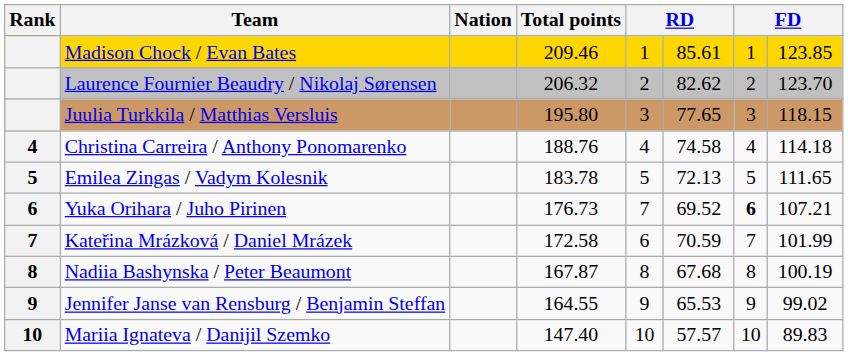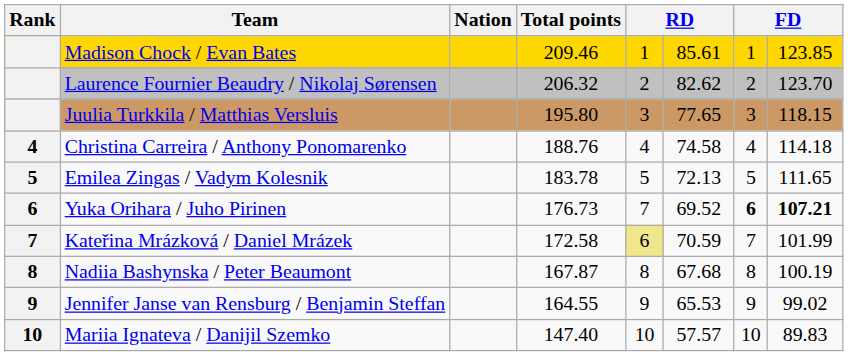 <table class="wikitable sortable" style="text-align:left">
 <tr>
 <th scope="col">Rank</th>
 <th scope="col">Team</th>
 <th scope="col">Nation</th>
 <th scope="col">Total points</th>
 <th scope="col" colspan="2" width="80px"><a href='#'>RD</a></th>
 <th scope="col" colspan="2" width="80px"><a href='#'>FD</a></th>
 </tr>
 <tr bgcolor="gold">
 <th scope="row"></th>
 <td><a href='#'>Madison Chock</a> / <a href='#'>Evan Bates</a></td>
 <td></td>
 <td align="center">209.46</td>
 <td align="center">1</td>
 <td align="center">85.61</td>
 <td align="center">1</td>
 <td align="center">123.85</td>
 </tr>
 <tr bgcolor="silver">
 <th scope="row"></th>
 <td><a href='#'>Laurence Fournier Beaudry</a> / <a href='#'>Nikolaj Sørensen</a></td>
 <td></td>
 <td align="center">206.32</td>
 <td align="center">2</td>
 <td align="center">82.62</td>
 <td align="center">2</td>
 <td align="center">123.70</td>
 </tr>
 <tr bgcolor="cc9966">
 <th scope="row"></th>
 <td><a href='#'>Juulia Turkkila</a> / <a href='#'>Matthias Versluis</a></td>
 <td></td>
 <td align="center">195.80</td>
 <td align="center">3</td>
 <td align="center">77.65</td>
 <td align="center">3</td>
 <td align="center">118.15</td>
 </tr>
 <tr>
 <th scope="row">4</th>
 <td><a href='#'>Christina Carreira</a> / <a href='#'>Anthony Ponomarenko</a></td>
 <td></td>
 <td align="center">188.76</td>
 <td align="center">4</td>
 <td align="center">74.58</td>
 <td align="center">4</td>
 <td align="center">114.18</td>
 </tr>
 <tr>
 <th scope="row">5</th>
 <td><a href='#'>Emilea Zingas</a> / <a href='#'>Vadym Kolesnik</a></td>
 <td></td>
 <td align="center">183.78</td>
 <td align="center">5</td>
 <td align="center">72.13</td>
 <td align="center">5</td>
 <td align="center">111.65</td>
 </tr>
 <tr>
 <th scope="row">6</th>
 <td><a href='#'>Yuka Orihara</a> / <a href='#'>Juho Pirinen</a></td>
 <td></td>
 <td align="center">176.73</td>
 <td align="center">7</td>
 <td align="center">69.52</td>
 <td align="center"><strong>6</strong></td>
-<td align="center">107.21</td>
+<td align="center"><strong>107.21</strong></td>
 </tr>
 <tr>
 <th scope="row">7</th>
 <td><a href='#'>Kateřina Mrázková</a> / <a href='#'>Daniel Mrázek</a></td>
 <td></td>
 <td align="center">172.58</td>
-<td align="center">6</td>
+<td align="center" style="background: khaki;">6</td>
 <td align="center">70.59</td>
 <td align="center">7</td>
 <td align="center">101.99</td>
 </tr>
 <tr>
 <th scope="row">8</th>
 <td><a href='#'>Nadiia Bashynska</a> / <a href='#'>Peter Beaumont</a></td>
 <td></td>
 <td align="center">167.87</td>
 <td align="center">8</td>
 <td align="center">67.68</td>
 <td align="center">8</td>
 <td align="center">100.19</td>
 </tr>
 <tr>
 <th scope="row">9</th>
 <td><a href='#'>Jennifer Janse van Rensburg</a> / <a href='#'>Benjamin Steffan</a></td>
 <td></td>
 <td align="center">164.55</td>
 <td align="center">9</td>
 <td align="center">65.53</td>
 <td align="center">9</td>
 <td align="center">99.02</td>
 </tr>
 <tr>
 <th scope="row">10</th>
 <td><a href='#'>Mariia Ignateva</a> / <a href='#'>Danijil Szemko</a></td>
 <td></td>
 <td align="center">147.40</td>
 <td align="center">10</td>
 <td align="center">57.57</td>
 <td align="center">10</td>
 <td align="center">89.83</td>
 </tr>
 </table>
